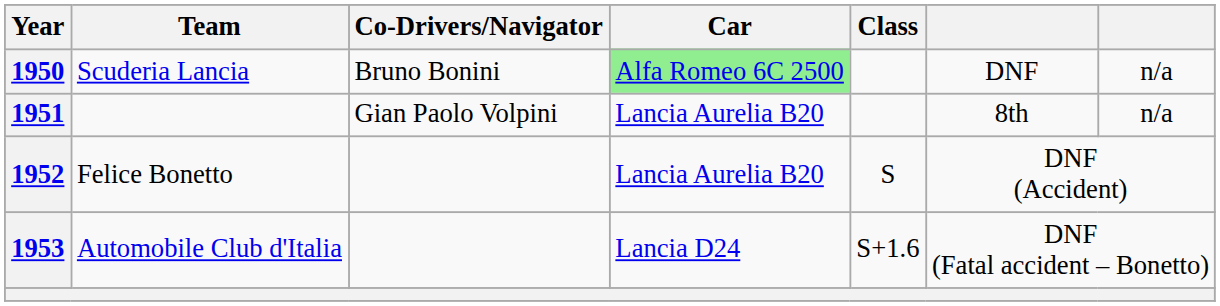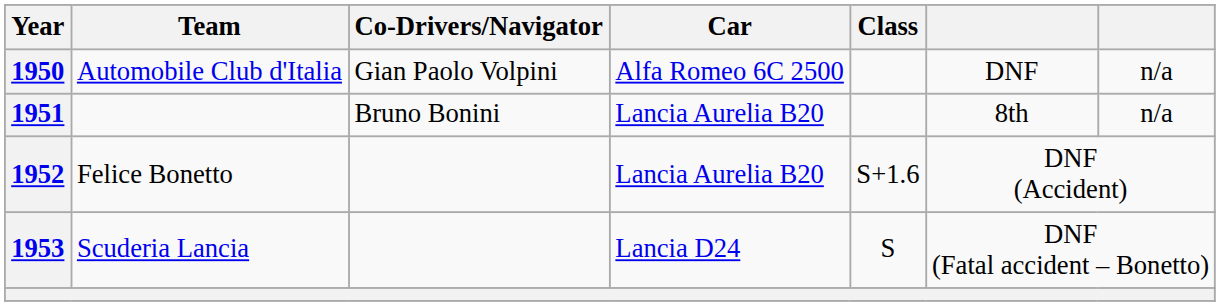 <table class="wikitable" style="text-align:center; font-size:90%">
 <tr>
 <th>Year</th>
 <th>Team</th>
 <th>Co-Drivers/Navigator</th>
 <th>Car</th>
 <th>Class</th>
 <th></th>
 <th></th>
 </tr>
 <tr>
 <th><a href='#'>1950</a></th>
-<td align="left"> <a href='#'>Scuderia Lancia</a></td>
-<td align="left"> Bruno Bonini</td>
-<td align="left" style="background: lightgreen;"><a href='#'>Alfa Romeo 6C 2500</a></td>
+<td align="left"> <a href='#'>Automobile Club d'Italia</a></td>
+<td align="left"> Gian Paolo Volpini</td>
+<td align="left"><a href='#'>Alfa Romeo 6C 2500</a></td>
 <td></td>
 <td>DNF</td>
 <td>n/a</td>
 </tr>
 <tr>
 <th><a href='#'>1951</a></th>
 <td align="left"></td>
-<td align="left"> Gian Paolo Volpini</td>
+<td align="left"> Bruno Bonini</td>
 <td align="left"><a href='#'>Lancia Aurelia B20</a></td>
 <td></td>
 <td>8th</td>
 <td>n/a</td>
 </tr>
 <tr>
 <th><a href='#'>1952</a></th>
 <td align="left"> Felice Bonetto</td>
 <td></td>
 <td align="left"><a href='#'>Lancia Aurelia B20</a></td>
-<td>S</td>
+<td>S+1.6</td>
 <td colspan=2>DNF<br>(Accident)</td>
 </tr>
 <tr>
 <th><a href='#'>1953</a></th>
-<td align="left"> <a href='#'>Automobile Club d'Italia</a></td>
+<td align="left"> <a href='#'>Scuderia Lancia</a></td>
 <td></td>
 <td align="left"><a href='#'>Lancia D24</a></td>
-<td>S+1.6</td>
+<td>S</td>
 <td colspan=2>DNF<br>(Fatal accident – Bonetto)</td>
 </tr>
 <tr>
 <th colspan="7"></th>
 </tr>
 </table>
